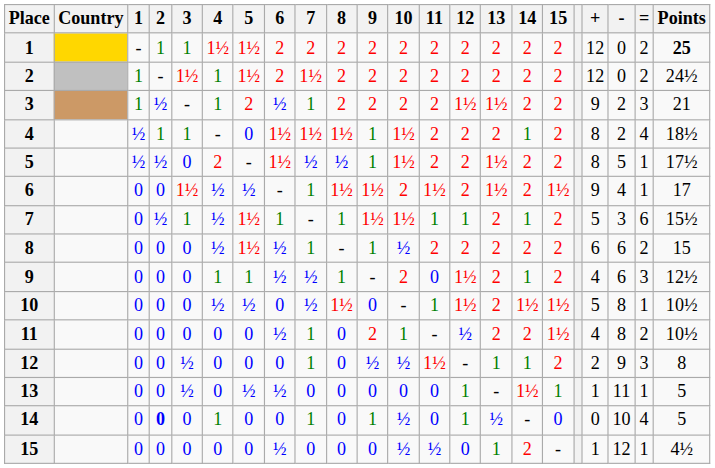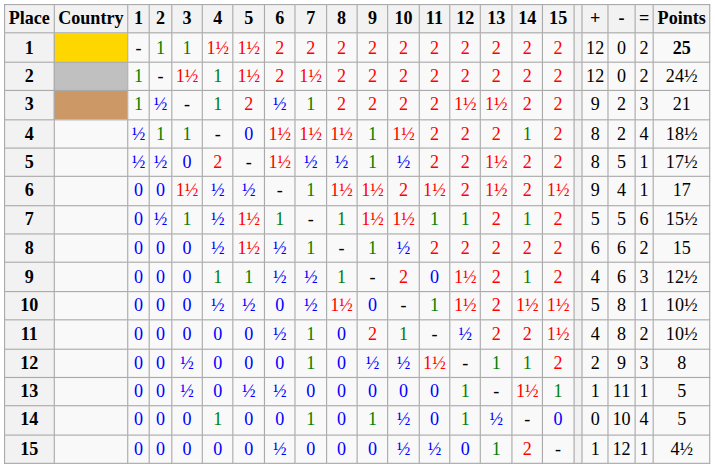 <table class="wikitable" style="text-align:center">
 <tr>
 <th>Place</th>
 <th>Country</th>
 <th>1</th>
 <th>2</th>
 <th>3</th>
 <th>4</th>
 <th>5</th>
 <th>6</th>
 <th>7</th>
 <th>8</th>
 <th>9</th>
 <th>10</th>
 <th>11</th>
 <th>12</th>
 <th>13</th>
 <th>14</th>
 <th>15</th>
 <th></th>
 <th>+</th>
 <th>-</th>
 <th>=</th>
 <th>Points</th>
 </tr>
 <tr>
 <th>1</th>
 <td align=left bgcolor="gold"></td>
 <td>-</td>
 <td style="color: green;">1</td>
 <td style="color: green;">1</td>
 <td style="color: red;">1½</td>
 <td style="color: red;">1½</td>
 <td style="color: red;">2</td>
 <td style="color: red;">2</td>
 <td style="color: red;">2</td>
 <td style="color: red;">2</td>
 <td style="color: red;">2</td>
 <td style="color: red;">2</td>
 <td style="color: red;">2</td>
 <td style="color: red;">2</td>
 <td style="color: red;">2</td>
 <td style="color: red;">2</td>
 <th></th>
 <td>12</td>
 <td>0</td>
 <td>2</td>
 <td align=center><strong>25</strong></td>
 </tr>
 <tr>
 <th>2</th>
 <td align=left bgcolor="silver"></td>
 <td style="color: green">1</td>
 <td>-</td>
 <td style="color: red">1½</td>
 <td style="color: green">1</td>
 <td style="color: red">1½</td>
 <td style="color: red">2</td>
 <td style="color: red">1½</td>
 <td style="color: red">2</td>
 <td style="color: red">2</td>
 <td style="color: red">2</td>
 <td style="color: red">2</td>
 <td style="color: red">2</td>
 <td style="color: red">2</td>
 <td style="color: red">2</td>
 <td style="color: red">2</td>
 <th></th>
 <td>12</td>
 <td>0</td>
 <td>2</td>
 <td align=center>24½</td>
 </tr>
 <tr>
 <th>3</th>
 <td align=left bgcolor="CC9966"></td>
 <td style="color: green">1</td>
 <td style="color: blue">½</td>
 <td>-</td>
 <td style="color: green">1</td>
 <td style="color: red">2</td>
 <td style="color: blue">½</td>
 <td style="color: green">1</td>
 <td style="color: red">2</td>
 <td style="color: red">2</td>
 <td style="color: red">2</td>
 <td style="color: red">2</td>
 <td style="color: red">1½</td>
 <td style="color: red">1½</td>
 <td style="color: red">2</td>
 <td style="color: red">2</td>
 <th></th>
 <td>9</td>
 <td>2</td>
 <td>3</td>
 <td align=center>21</td>
 </tr>
 <tr>
 <th>4</th>
 <td align=left></td>
 <td style="color: blue;">½</td>
 <td style="color: green">1</td>
 <td style="color: green;">1</td>
 <td>-</td>
 <td style="color: blue;">0</td>
 <td style="color: red">1½</td>
 <td style="color: red;">1½</td>
 <td style="color: red;">1½</td>
 <td style="color: green">1</td>
 <td style="color: red;">1½</td>
 <td style="color: red;">2</td>
 <td style="color: red">2</td>
 <td style="color: red;">2</td>
 <td style="color: green;">1</td>
 <td style="color: red">2</td>
 <th></th>
 <td>8</td>
 <td>2</td>
 <td>4</td>
 <td align=center>18½</td>
 </tr>
 <tr>
 <th>5</th>
 <td align=left></td>
 <td style="color: blue;">½</td>
 <td style="color: blue;">½</td>
 <td style="color: blue;">0</td>
 <td style="color: red;">2</td>
 <td>-</td>
 <td style="color: red;">1½</td>
 <td style="color: blue;">½</td>
 <td style="color: blue;">½</td>
 <td style="color: green;">1</td>
-<td style="color: red;">1½</td>
+<td style="color: blue;">½</td>
 <td style="color: red;">2</td>
 <td style="color: red;">2</td>
 <td style="color: red;">1½</td>
 <td style="color: red;">2</td>
 <td style="color: red;">2</td>
 <th></th>
 <td>8</td>
 <td>5</td>
 <td>1</td>
 <td align=center>17½</td>
 </tr>
 <tr>
 <th>6</th>
 <td align=left></td>
 <td style="color: blue;">0</td>
 <td style="color: blue;">0</td>
 <td style="color: red;">1½</td>
 <td style="color: blue">½</td>
 <td style="color: blue;">½</td>
 <td>-</td>
 <td style="color: green">1</td>
 <td style="color: red;">1½</td>
 <td style="color: red;">1½</td>
 <td style="color: red;">2</td>
 <td style="color: red;">1½</td>
 <td style="color: red;">2</td>
 <td style="color: red;">1½</td>
 <td style="color: red;">2</td>
 <td style="color: red;">1½</td>
 <th></th>
 <td>9</td>
 <td>4</td>
 <td>1</td>
 <td align=center>17</td>
 </tr>
 <tr>
 <th>7</th>
 <td align=left></td>
 <td style="color: blue">0</td>
 <td style="color: blue;">½</td>
 <td style="color: green;">1</td>
 <td style="color: blue;">½</td>
 <td style="color: red;">1½</td>
 <td style="color: green">1</td>
 <td>-</td>
 <td style="color: green;">1</td>
 <td style="color: red;">1½</td>
 <td style="color: red;">1½</td>
 <td style="color: green;">1</td>
 <td style="color: green;">1</td>
 <td style="color: red;">2</td>
 <td style="color: green;">1</td>
 <td style="color: red;">2</td>
 <th></th>
 <td>5</td>
-<td>3</td>
+<td>5</td>
 <td>6</td>
 <td align=center>15½</td>
 </tr>
 <tr>
 <th>8</th>
 <td align=left></td>
 <td style="color: blue;">0</td>
 <td style="color: blue;">0</td>
 <td style="color: blue;">0</td>
 <td style="color: blue;">½</td>
 <td style="color: red;">1½</td>
 <td style="color: blue;">½</td>
 <td style="color: green;">1</td>
 <td>-</td>
 <td style="color: green">1</td>
 <td style="color: blue;">½</td>
 <td style="color: red;">2</td>
 <td style="color: red;">2</td>
 <td style="color: red">2</td>
 <td style="color: red;">2</td>
 <td style="color: red;">2</td>
 <th></th>
 <td>6</td>
 <td>6</td>
 <td>2</td>
 <td align=center>15</td>
 </tr>
 <tr>
 <th>9</th>
 <td align=left></td>
 <td style="color: blue;">0</td>
 <td style="color: blue;">0</td>
 <td style="color: blue;">0</td>
 <td style="color: green">1</td>
 <td style="color: green;">1</td>
 <td style="color: blue;">½</td>
 <td style="color: blue;">½</td>
 <td style="color: green">1</td>
 <td>-</td>
 <td style="color: red;">2</td>
 <td style="color: blue;">0</td>
 <td style="color: red;">1½</td>
 <td style="color: red;">2</td>
 <td style="color: green;">1</td>
 <td style="color: red">2</td>
 <th></th>
 <td>4</td>
 <td>6</td>
 <td>3</td>
 <td align=center>12½</td>
 </tr>
 <tr>
 <th>10</th>
 <td align=left></td>
 <td style="color: blue;">0</td>
 <td style="color: blue">0</td>
 <td style="color: blue">0</td>
 <td style="color: blue;">½</td>
 <td style="color: blue;">½</td>
 <td style="color: blue;">0</td>
 <td style="color: blue;">½</td>
 <td style="color: red;">1½</td>
 <td style="color: blue;">0</td>
 <td>-</td>
 <td style="color: green;">1</td>
 <td style="color: red;">1½</td>
 <td style="color: red">2</td>
 <td style="color: red;">1½</td>
 <td style="color: red;">1½</td>
 <th></th>
 <td>5</td>
 <td>8</td>
 <td>1</td>
 <td align=center>10½</td>
 </tr>
 <tr>
 <th>11</th>
 <td align=left></td>
 <td style="color: blue;">0</td>
 <td style="color: blue;">0</td>
 <td style="color: blue;">0</td>
 <td style="color: blue;">0</td>
 <td style="color: blue;">0</td>
 <td style="color: blue;">½</td>
 <td style="color: green;">1</td>
 <td style="color: blue;">0</td>
 <td style="color: red;">2</td>
 <td style="color: green;">1</td>
 <td>-</td>
 <td style="color: blue;">½</td>
 <td style="color: red;">2</td>
 <td style="color: red;">2</td>
 <td style="color: red;">1½</td>
 <th></th>
 <td>4</td>
 <td>8</td>
 <td>2</td>
 <td align=center>10½</td>
 </tr>
 <tr>
 <th>12</th>
 <td align=left></td>
 <td style="color: blue;">0</td>
 <td style="color: blue;">0</td>
 <td style="color: blue;">½</td>
 <td style="color: blue">0</td>
 <td style="color: blue;">0</td>
 <td style="color: blue;">0</td>
 <td style="color: green;">1</td>
 <td style="color: blue;">0</td>
 <td style="color: blue;">½</td>
 <td style="color: blue;">½</td>
 <td style="color: red;">1½</td>
 <td>-</td>
 <td style="color: green;">1</td>
 <td style="color: green">1</td>
 <td style="color: red;">2</td>
 <th></th>
 <td>2</td>
 <td>9</td>
 <td>3</td>
 <td align=center>8</td>
 </tr>
 <tr>
 <th>13</th>
 <td align=left></td>
 <td style="color: blue;">0</td>
 <td style="color: blue;">0</td>
 <td style="color: blue;">½</td>
 <td style="color: blue;">0</td>
 <td style="color: blue;">½</td>
 <td style="color: blue;">½</td>
 <td style="color: blue;">0</td>
 <td style="color: blue">0</td>
 <td style="color: blue;">0</td>
 <td style="color: blue">0</td>
 <td style="color: blue;">0</td>
 <td style="color: green;">1</td>
 <td>-</td>
 <td style="color: red;">1½</td>
 <td style="color: green;">1</td>
 <th></th>
 <td>1</td>
 <td>11</td>
 <td>1</td>
 <td align=center>5</td>
 </tr>
 <tr>
 <th>14</th>
 <td align=left></td>
 <td style="color: blue;">0</td>
-<td style="color: blue;"><strong>0</strong></td>
+<td style="color: blue;">0</td>
 <td style="color: blue">0</td>
 <td style="color: green;">1</td>
 <td style="color: blue;">0</td>
 <td style="color: blue;">0</td>
 <td style="color: green;">1</td>
 <td style="color: blue;">0</td>
 <td style="color: green;">1</td>
 <td style="color: blue;">½</td>
 <td style="color: blue;">0</td>
 <td style="color: green">1</td>
 <td style="color: blue;">½</td>
 <td>-</td>
 <td style="color: blue;">0</td>
 <th></th>
 <td>0</td>
 <td>10</td>
 <td>4</td>
 <td align=center>5</td>
 </tr>
 <tr>
 <th>15</th>
 <td align=left></td>
 <td style="color: blue;">0</td>
 <td style="color: blue">0</td>
 <td style="color: blue;">0</td>
 <td style="color: blue">0</td>
 <td style="color: blue;">0</td>
 <td style="color: blue;">½</td>
 <td style="color: blue;">0</td>
 <td style="color: blue;">0</td>
 <td style="color: blue">0</td>
 <td style="color: blue;">½</td>
 <td style="color: blue;">½</td>
 <td style="color: blue;">0</td>
 <td style="color: green;">1</td>
 <td style="color: red;">2</td>
 <td>-</td>
 <th></th>
 <td>1</td>
 <td>12</td>
 <td>1</td>
 <td align=center>4½</td>
 </tr>
 </table>
